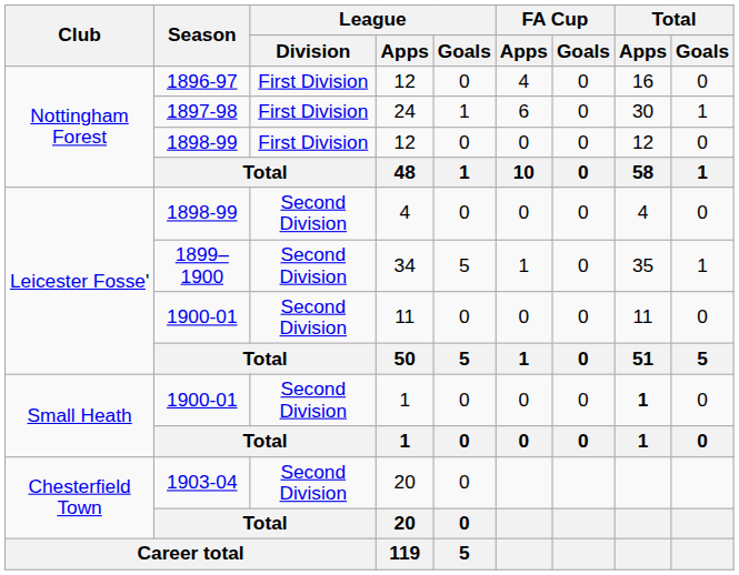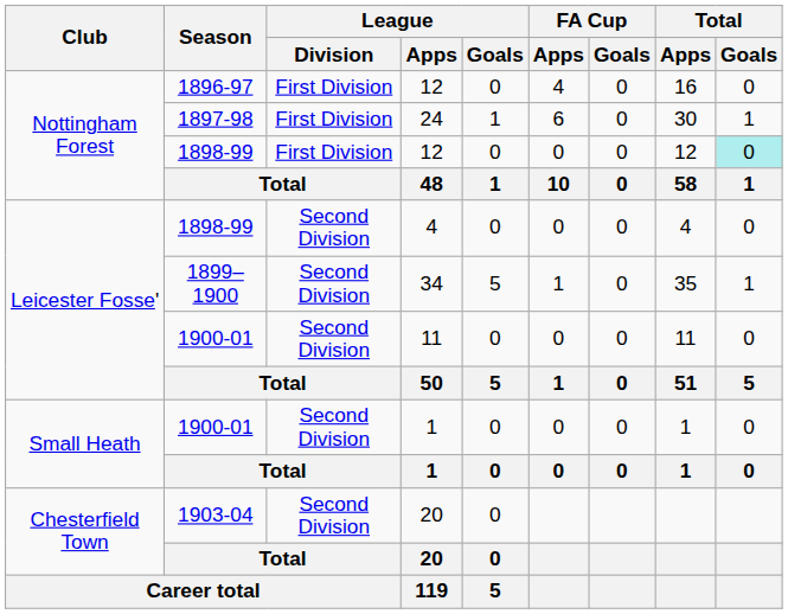 <table class="wikitable" style="text-align: center;">
 <tr>
 <th rowspan="2">Club</th>
 <th rowspan="2">Season</th>
 <th colspan="3">League</th>
 <th colspan="2">FA Cup</th>
 <th colspan="2">Total</th>
 </tr>
 <tr>
 <th>Division</th>
 <th>Apps</th>
 <th>Goals</th>
 <th>Apps</th>
 <th>Goals</th>
 <th>Apps</th>
 <th>Goals</th>
 </tr>
 <tr>
 <td rowspan="4"><a href='#'>Nottingham Forest</a></td>
 <td><a href='#'>1896-97</a></td>
 <td><a href='#'>First Division</a></td>
 <td>12</td>
 <td>0</td>
 <td>4</td>
 <td>0</td>
 <td>16</td>
 <td>0</td>
 </tr>
 <tr>
 <td><a href='#'>1897-98</a></td>
 <td><a href='#'>First Division</a></td>
 <td>24</td>
 <td>1</td>
 <td>6</td>
 <td>0</td>
 <td>30</td>
 <td>1</td>
 </tr>
 <tr>
 <td><a href='#'>1898-99</a></td>
 <td><a href='#'>First Division</a></td>
 <td>12</td>
 <td>0</td>
 <td>0</td>
 <td>0</td>
 <td>12</td>
-<td>0</td>
+<td style="background: paleturquoise;">0</td>
 </tr>
 <tr>
 <th colspan="2">Total</th>
 <th>48</th>
 <th>1</th>
 <th>10</th>
 <th>0</th>
 <th>58</th>
 <th>1</th>
 </tr>
 <tr>
 <td rowspan="4"><a href='#'>Leicester Fosse</a>'</td>
 <td><a href='#'>1898-99</a></td>
 <td><a href='#'>Second Division</a></td>
 <td>4</td>
 <td>0</td>
 <td>0</td>
 <td>0</td>
 <td>4</td>
 <td>0</td>
 </tr>
 <tr>
 <td><a href='#'>1899–1900</a></td>
 <td><a href='#'>Second Division</a></td>
 <td>34</td>
 <td>5</td>
 <td>1</td>
 <td>0</td>
 <td>35</td>
 <td>1</td>
 </tr>
 <tr>
 <td><a href='#'>1900-01</a></td>
 <td><a href='#'>Second Division</a></td>
 <td>11</td>
 <td>0</td>
 <td>0</td>
 <td>0</td>
 <td>11</td>
 <td>0</td>
 </tr>
 <tr>
 <th colspan="2">Total</th>
 <th>50</th>
 <th>5</th>
 <th>1</th>
 <th>0</th>
 <th>51</th>
 <th>5</th>
 </tr>
 <tr>
 <td rowspan="2"><a href='#'>Small Heath</a></td>
 <td><a href='#'>1900-01</a></td>
 <td><a href='#'>Second Division</a></td>
 <td>1</td>
 <td>0</td>
 <td>0</td>
 <td>0</td>
-<td><strong>1</strong></td>
+<td>1</td>
 <td>0</td>
 </tr>
 <tr>
 <th colspan="2">Total</th>
 <th>1</th>
 <th>0</th>
 <th>0</th>
 <th>0</th>
 <th>1</th>
 <th>0</th>
 </tr>
 <tr>
 <td rowspan="2"><a href='#'>Chesterfield Town</a></td>
 <td><a href='#'>1903-04</a></td>
 <td><a href='#'>Second Division</a></td>
 <td>20</td>
 <td>0</td>
 <td></td>
 <td></td>
 <td></td>
 <td></td>
 </tr>
 <tr>
 <th colspan="2">Total</th>
 <th>20</th>
 <th>0</th>
 <th></th>
 <th></th>
 <th></th>
 <th></th>
 </tr>
 <tr>
 <th colspan="3">Career total</th>
 <th>119</th>
 <th>5</th>
 <th></th>
 <th></th>
 <th></th>
 <th></th>
 </tr>
 </table>
